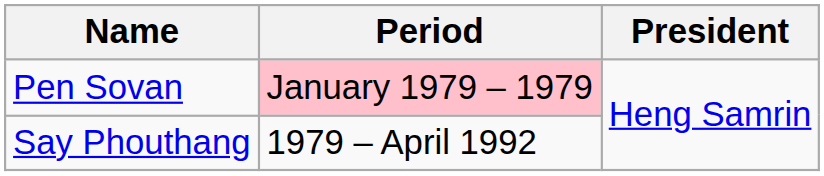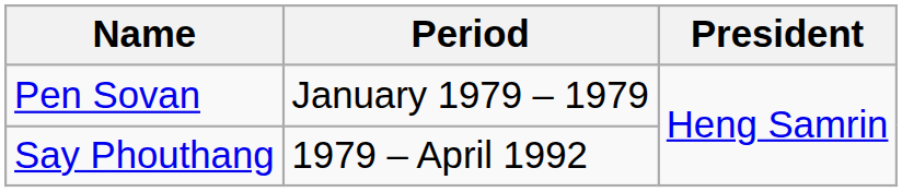 <table class="wikitable">
 <tr>
 <th>Name</th>
 <th>Period</th>
 <th>President</th>
 </tr>
 <tr>
 <td><a href='#'>Pen Sovan</a></td>
-<td style="background: pink;">January 1979 – 1979</td>
+<td>January 1979 – 1979</td>
 <td rowspan="2"><a href='#'>Heng Samrin</a></td>
 </tr>
 <tr>
 <td><a href='#'>Say Phouthang</a></td>
 <td>1979 – April 1992</td>
 </tr>
 </table>
